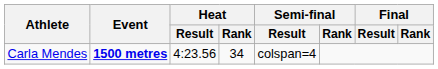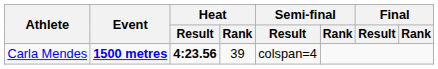 <table class="wikitable" style="font-size:90%">
 <tr>
 <th rowspan="2">Athlete</th>
 <th rowspan="2">Event</th>
 <th colspan="2">Heat</th>
 <th colspan="2">Semi-final</th>
 <th colspan="2">Final</th>
 </tr>
 <tr style="font-size:95%">
 <th>Result</th>
 <th>Rank</th>
 <th>Result</th>
 <th>Rank</th>
 <th>Result</th>
 <th>Rank</th>
 </tr>
 <tr style=text-align:center>
 <td style=text-align:left><a href='#'>Carla Mendes</a></td>
 <td style=text-align:left><strong><a href='#'>1500 metres</a></strong></td>
-<td>4:23.56</td>
-<td>34</td>
+<td><strong>4:23.56</strong></td>
+<td>39</td>
 <td>colspan=4 </td>
 </tr>
 </table>
